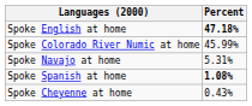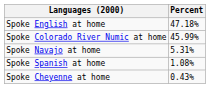 <table class="wikitable sortable collapsible" style="font-size: 90%;">
 <tr>
 <th>Languages (2000) </th>
 <th>Percent</th>
 </tr>
 <tr>
 <td>Spoke <a href='#'>English</a> at home</td>
-<td><strong>47.18%</strong></td>
+<td>47.18%</td>
 </tr>
 <tr>
 <td>Spoke <a href='#'>Colorado River Numic</a> at home</td>
 <td>45.99%</td>
 </tr>
 <tr>
 <td>Spoke <a href='#'>Navajo</a> at home</td>
 <td>5.31%</td>
 </tr>
 <tr>
 <td>Spoke <a href='#'>Spanish</a> at home</td>
-<td><strong>1.08%</strong></td>
+<td>1.08%</td>
 </tr>
 <tr>
 <td>Spoke <a href='#'>Cheyenne</a> at home</td>
 <td>0.43%</td>
 </tr>
 </table>
